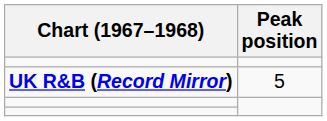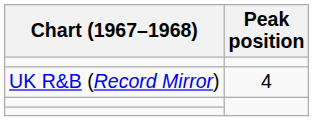 <table class="wikitable sortable plainrowheaders">
 <tr>
 <th>Chart (1967–1968)</th>
 <th>Peak<br>position</th>
 </tr>
 <tr>
 <td></td>
 </tr>
 <tr>
-<td><strong><a href='#'>UK R&B</a> (<em><a href='#'>Record Mirror</a></em>)</strong></td>
-<td align="center">5</td>
+<td><a href='#'>UK R&B</a> (<em><a href='#'>Record Mirror</a></em>)</td>
+<td align="center">4</td>
 </tr>
 <tr>
 <td></td>
 </tr>
 <tr>
 <td></td>
 </tr>
 </table>
